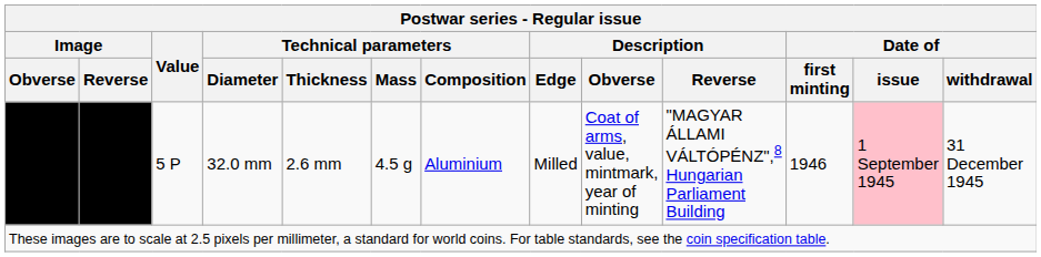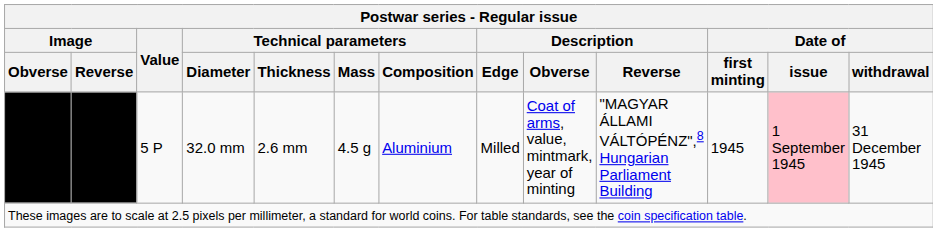 <table class="wikitable" style="font-size: 90%">
 <tr>
 <th colspan="13">Postwar series - Regular issue</th>
 </tr>
 <tr>
 <th colspan="2">Image</th>
 <th rowspan="2">Value</th>
 <th colspan="4">Technical parameters</th>
 <th colspan="3">Description</th>
 <th colspan="3">Date of</th>
 </tr>
 <tr>
 <th>Obverse</th>
 <th>Reverse</th>
 <th>Diameter</th>
 <th>Thickness</th>
 <th>Mass</th>
 <th>Composition</th>
 <th>Edge</th>
 <th>Obverse</th>
 <th>Reverse</th>
 <th>first minting</th>
 <th>issue</th>
 <th>withdrawal</th>
 </tr>
 <tr>
 <td align="center" bgcolor="#000000"></td>
 <td align="center" bgcolor="#000000"></td>
 <td>5 P</td>
 <td>32.0 mm</td>
 <td>2.6 mm</td>
 <td>4.5 g</td>
 <td><a href='#'>Aluminium</a></td>
 <td>Milled</td>
 <td><a href='#'>Coat of arms</a>, value, mintmark, year of minting</td>
 <td>"MAGYAR ÁLLAMI VÁLTÓPÉNZ",<sup><a href='#'>8</a></sup> <a href='#'>Hungarian Parliament Building</a></td>
-<td>1946</td>
+<td>1945</td>
 <td style="background: pink;">1 September 1945</td>
 <td>31 December 1945</td>
 </tr>
 <tr>
 <td colspan="13"><small>These images are to scale at 2.5 pixels per millimeter, a standard for world coins. For table standards, see the <a href='#'>coin specification table</a>.</small></td>
 </tr>
 </table>
